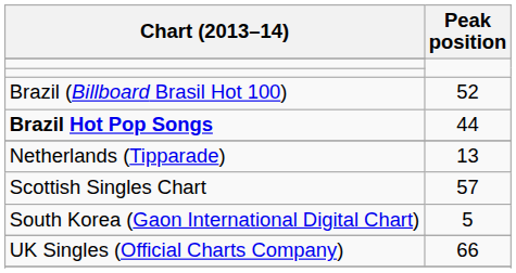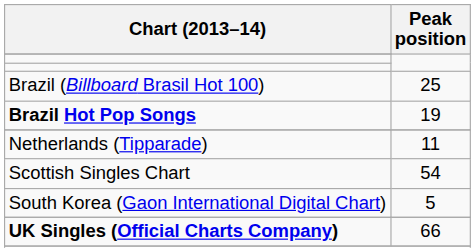 <table class="wikitable sortable">
 <tr>
 <th>Chart (2013–14)</th>
 <th>Peak<br>position</th>
 </tr>
 <tr>
 </tr>
 <tr>
 </tr>
 <tr>
 <td></td>
 </tr>
 <tr>
 <td></td>
 </tr>
 <tr>
 <td>Brazil (<a href='#'><em>Billboard</em> Brasil Hot 100</a>)</td>
-<td style="text-align:center;">52</td>
+<td style="text-align:center;">25</td>
 </tr>
 <tr>
 <td><strong>Brazil <a href='#'>Hot Pop Songs</a></strong></td>
-<td style="text-align:center;">44</td>
+<td style="text-align:center;">19</td>
 </tr>
 <tr>
 </tr>
 <tr>
 </tr>
 <tr>
 </tr>
 <tr>
 </tr>
 <tr>
 </tr>
 <tr>
 </tr>
 <tr>
 </tr>
 <tr>
 </tr>
 <tr>
 <td>Netherlands (<a href='#'>Tipparade</a>)</td>
-<td style="text-align:center;">13</td>
+<td style="text-align:center;">11</td>
 </tr>
 <tr>
 <td align="left">Scottish Singles Chart</td>
-<td style="text-align:center;">57</td>
+<td style="text-align:center;">54</td>
 </tr>
 <tr>
 <td>South Korea (<a href='#'>Gaon International Digital Chart</a>)</td>
 <td style="text-align:center;">5</td>
 </tr>
 <tr>
 </tr>
 <tr>
-<td>UK Singles (<a href='#'>Official Charts Company</a>)</td>
+<td><strong>UK Singles (<a href='#'>Official Charts Company</a>)</strong></td>
 <td style="text-align:center;">66</td>
 </tr>
 <tr>
 </tr>
 <tr>
 </tr>
 </table>
